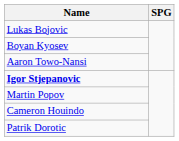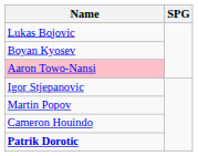 <table class=wikitable>
 <tr>
 <th width=215>Name</th>
 <th>SPG</th>
 </tr>
 <tr>
 <td> <a href='#'>Lukas Bojovic</a></td>
 <td rowspan=3></td>
 </tr>
 <tr>
 <td> <a href='#'>Boyan Kyosev</a></td>
 </tr>
 <tr>
-<td> <a href='#'>Aaron Towo-Nansi</a></td>
+<td style="background: pink;"> <a href='#'>Aaron Towo-Nansi</a></td>
 </tr>
 <tr>
-<td><strong> <a href='#'>Igor Stjepanovic</a></strong></td>
+<td> <a href='#'>Igor Stjepanovic</a></td>
 <td rowspan=4></td>
 </tr>
 <tr>
 <td> <a href='#'>Martin Popov</a></td>
 </tr>
 <tr>
 <td> <a href='#'>Cameron Houindo</a></td>
 </tr>
 <tr>
-<td> <a href='#'>Patrik Dorotic</a></td>
+<td><strong> <a href='#'>Patrik Dorotic</a></strong></td>
 </tr>
 </table>
